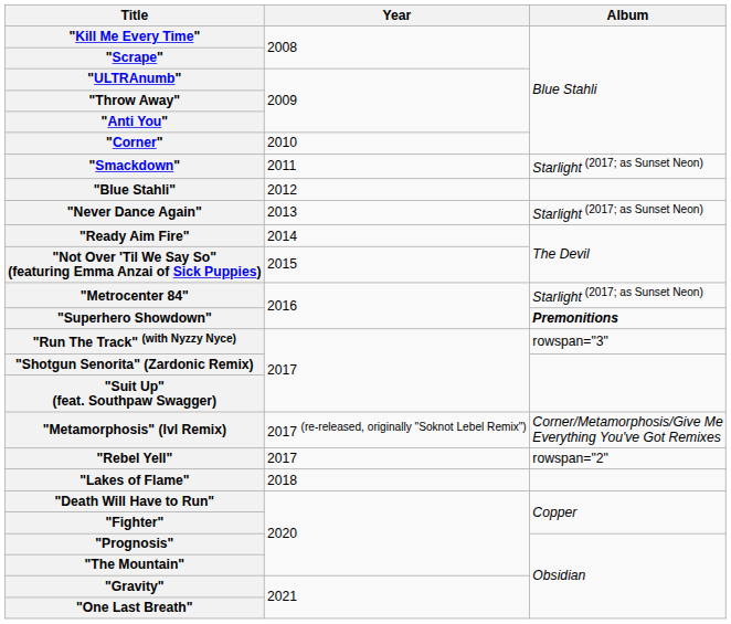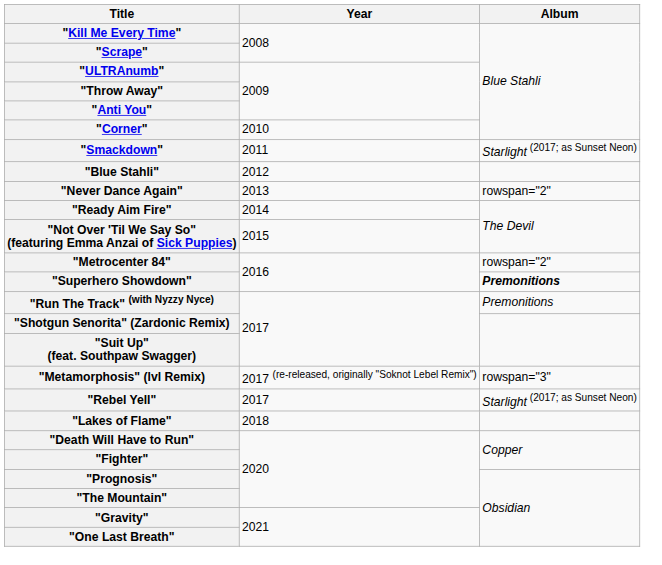 <table class="wikitable plainrowheaders">
 <tr>
 <th>Title</th>
 <th>Year</th>
 <th>Album</th>
 </tr>
 <tr>
 <th scope="row">"<a href='#'>Kill Me Every Time</a>"</th>
 <td rowspan=2>2008</td>
 <td rowspan=6><em>Blue Stahli</em></td>
 </tr>
 <tr>
 <th scope="row">"<a href='#'>Scrape</a>"</th>
 </tr>
 <tr>
 <th scope="row">"<a href='#'>ULTRAnumb</a>"</th>
 <td rowspan=3>2009</td>
 </tr>
 <tr>
 <th scope="row">"Throw Away"</th>
 </tr>
 <tr>
 <th scope="row">"<a href='#'>Anti You</a>"</th>
 </tr>
 <tr>
 <th scope="row">"<a href='#'>Corner</a>"</th>
 <td>2010</td>
 </tr>
 <tr>
 <th scope="row">"<a href='#'>Smackdown</a>"</th>
 <td>2011</td>
 <td><em>Starlight</em><sup> (2017; as Sunset Neon)</sup></td>
 </tr>
 <tr>
 <th scope="row">"Blue Stahli"</th>
 <td>2012</td>
 <td></td>
 </tr>
 <tr>
 <th scope="row">"Never Dance Again"</th>
 <td>2013</td>
-<td><em>Starlight</em><sup> (2017; as Sunset Neon)</sup></td>
+<td>rowspan="2" </td>
 </tr>
 <tr>
 <th scope="row">"Ready Aim Fire"</th>
 <td>2014</td>
 <td rowspan=2><em>The Devil</em></td>
 </tr>
 <tr>
 <th scope="row">"Not Over 'Til We Say So"<br><span>(featuring Emma Anzai of <a href='#'>Sick Puppies</a>)</span></th>
 <td>2015</td>
 </tr>
 <tr>
 <th scope="row">"Metrocenter 84"</th>
 <td rowspan=2>2016</td>
-<td rowspan=1><em>Starlight</em><sup> (2017; as Sunset Neon)</sup></td>
+<td>rowspan="2" </td>
 </tr>
 <tr>
 <th scope="row">"Superhero Showdown"</th>
 <td rowspan=1><strong><em>Premonitions</em></strong></td>
 </tr>
 <tr>
 <th scope="row">"Run The Track" <sup>(with Nyzzy Nyce)</sup></th>
 <td rowspan=3>2017</td>
-<td>rowspan="3" </td>
+<td rowspan=1><em>Premonitions</em></td>
 </tr>
 <tr>
 <th scope="row">"Shotgun Senorita" (Zardonic Remix)</th>
 </tr>
 <tr>
 <th scope="row">"Suit Up"<br><span>(feat. Southpaw Swagger)</span></th>
 </tr>
 <tr>
 <th scope="row">"Metamorphosis" (lvl Remix)</th>
 <td>2017 <sup>(re-released, originally "Soknot Lebel Remix")</sup></td>
-<td rowspan=1><em>Corner/Metamorphosis/Give Me <br>Everything You've Got Remixes</em></td>
+<td>rowspan="3" </td>
 </tr>
 <tr>
 <th scope="row">"Rebel Yell"</th>
 <td>2017</td>
-<td>rowspan="2" </td>
+<td><em>Starlight</em><sup> (2017; as Sunset Neon)</sup></td>
 </tr>
 <tr>
 <th scope="row">"Lakes of Flame"</th>
 <td>2018</td>
 </tr>
 <tr>
 <th scope="row">"Death Will Have to Run"</th>
 <td rowspan="4">2020</td>
 <td rowspan="2"><em>Copper</em></td>
 </tr>
 <tr>
 <th scope="row">"Fighter"</th>
 </tr>
 <tr>
 <th scope="row">"Prognosis"</th>
 <td rowspan="4"><em>Obsidian</em></td>
 </tr>
 <tr>
 <th scope="row">"The Mountain"</th>
 </tr>
 <tr>
 <th scope="row">"Gravity"</th>
 <td rowspan="2">2021</td>
 </tr>
 <tr>
 <th scope="row">"One Last Breath"</th>
 </tr>
 </table>
